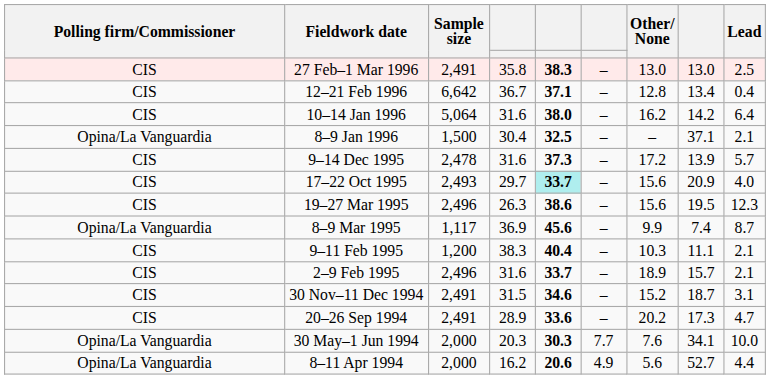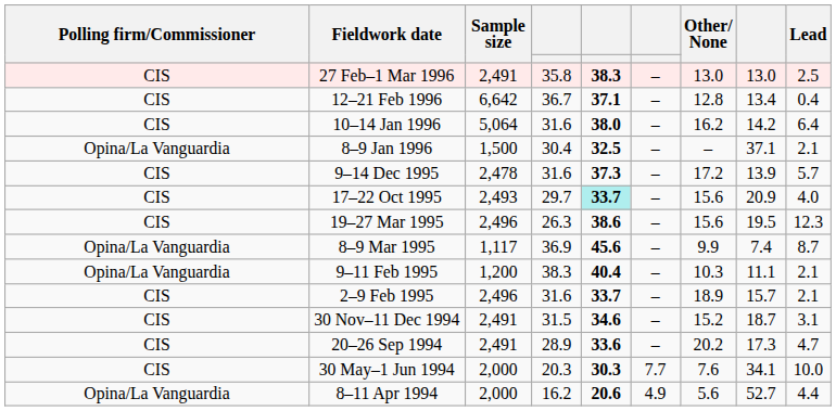 <table class="wikitable collapsible collapsed" style="text-align:center; font-size:90%; line-height:14px;">
 <tr style="height:42px;">
 <th style="width:250px;" rowspan="2">Polling firm/Commissioner</th>
 <th style="width:125px;" rowspan="2">Fieldwork date</th>
 <th style="width:50px;" rowspan="2">Sample size</th>
 <th style="width:35px;"></th>
 <th style="width:35px;"></th>
 <th style="width:35px;"></th>
 <th style="width:35px;" rowspan="2">Other/<br>None</th>
 <th style="width:35px;" rowspan="2"></th>
 <th style="width:30px;" rowspan="2">Lead</th>
 </tr>
 <tr>
 <th style="color:inherit;background:"></th>
 <th style="color:inherit;background:"></th>
 <th style="color:inherit;background:"></th>
 </tr>
 <tr style="background:#FFEAEA;">
 <td>CIS</td>
 <td>27 Feb–1 Mar 1996</td>
 <td>2,491</td>
 <td>35.8</td>
 <td><strong>38.3</strong></td>
 <td>–</td>
 <td>13.0</td>
 <td>13.0</td>
 <td style="background:">2.5</td>
 </tr>
 <tr>
 <td>CIS</td>
 <td>12–21 Feb 1996</td>
 <td>6,642</td>
 <td>36.7</td>
 <td><strong>37.1</strong></td>
 <td>–</td>
 <td>12.8</td>
 <td>13.4</td>
 <td style="background:">0.4</td>
 </tr>
 <tr>
 <td>CIS</td>
 <td>10–14 Jan 1996</td>
 <td>5,064</td>
 <td>31.6</td>
 <td><strong>38.0</strong></td>
 <td>–</td>
 <td>16.2</td>
 <td>14.2</td>
 <td style="background:">6.4</td>
 </tr>
 <tr>
 <td>Opina/La Vanguardia</td>
 <td>8–9 Jan 1996</td>
 <td>1,500</td>
 <td>30.4</td>
 <td><strong>32.5</strong></td>
 <td>–</td>
 <td>–</td>
 <td>37.1</td>
 <td style="background:">2.1</td>
 </tr>
 <tr>
 <td>CIS</td>
 <td>9–14 Dec 1995</td>
 <td>2,478</td>
 <td>31.6</td>
 <td><strong>37.3</strong></td>
 <td>–</td>
 <td>17.2</td>
 <td>13.9</td>
 <td style="background:">5.7</td>
 </tr>
 <tr>
 <td>CIS</td>
 <td>17–22 Oct 1995</td>
 <td>2,493</td>
 <td>29.7</td>
 <td style="background: paleturquoise;"><strong>33.7</strong></td>
 <td>–</td>
 <td>15.6</td>
 <td>20.9</td>
 <td style="background:">4.0</td>
 </tr>
 <tr>
 <td>CIS</td>
 <td>19–27 Mar 1995</td>
 <td>2,496</td>
 <td>26.3</td>
 <td><strong>38.6</strong></td>
 <td>–</td>
 <td>15.6</td>
 <td>19.5</td>
 <td style="background:">12.3</td>
 </tr>
 <tr>
 <td>Opina/La Vanguardia</td>
 <td>8–9 Mar 1995</td>
 <td>1,117</td>
 <td>36.9</td>
 <td><strong>45.6</strong></td>
 <td>–</td>
 <td>9.9</td>
 <td>7.4</td>
 <td style="background:">8.7</td>
 </tr>
 <tr>
-<td>CIS</td>
+<td>Opina/La Vanguardia</td>
 <td>9–11 Feb 1995</td>
 <td>1,200</td>
 <td>38.3</td>
 <td><strong>40.4</strong></td>
 <td>–</td>
 <td>10.3</td>
 <td>11.1</td>
 <td style="background:">2.1</td>
 </tr>
 <tr>
 <td>CIS</td>
 <td>2–9 Feb 1995</td>
 <td>2,496</td>
 <td>31.6</td>
 <td><strong>33.7</strong></td>
 <td>–</td>
 <td>18.9</td>
 <td>15.7</td>
 <td style="background:">2.1</td>
 </tr>
 <tr>
 <td>CIS</td>
 <td>30 Nov–11 Dec 1994</td>
 <td>2,491</td>
 <td>31.5</td>
 <td><strong>34.6</strong></td>
 <td>–</td>
 <td>15.2</td>
 <td>18.7</td>
 <td style="background:">3.1</td>
 </tr>
 <tr>
 <td>CIS</td>
 <td>20–26 Sep 1994</td>
 <td>2,491</td>
 <td>28.9</td>
 <td><strong>33.6</strong></td>
 <td>–</td>
 <td>20.2</td>
 <td>17.3</td>
 <td style="background:">4.7</td>
 </tr>
 <tr>
-<td>Opina/La Vanguardia</td>
+<td>CIS</td>
 <td>30 May–1 Jun 1994</td>
 <td>2,000</td>
 <td>20.3</td>
 <td><strong>30.3</strong></td>
 <td>7.7</td>
 <td>7.6</td>
 <td>34.1</td>
 <td style="background:">10.0</td>
 </tr>
 <tr>
 <td>Opina/La Vanguardia</td>
 <td>8–11 Apr 1994</td>
 <td>2,000</td>
 <td>16.2</td>
 <td><strong>20.6</strong></td>
 <td>4.9</td>
 <td>5.6</td>
 <td>52.7</td>
 <td style="background:">4.4</td>
 </tr>
 </table>
